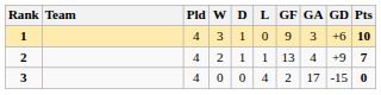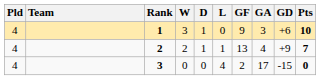 <table class="wikitable" style="text-align: center;">
 <tr>
+<th width=20>Pld</th>
+<th width=165 style="text-align:left;">Team</th>
 <th width=30>Rank</th>
-<th width=165 style="text-align:left;">Team</th>
-<th width=20>Pld</th>
 <th width=20>W</th>
 <th width=20>D</th>
 <th width=20>L</th>
 <th width=20>GF</th>
 <th width=20>GA</th>
 <th width=20>GD</th>
 <th width=20>Pts</th>
 </tr>
 <tr style="background:#ffebad;">
+<td>4</td>
+<td style="text-align:left;"></td>
 <td><strong>1</strong></td>
-<td style="text-align:left;"></td>
-<td>4</td>
 <td>3</td>
 <td>1</td>
 <td>0</td>
 <td>9</td>
 <td>3</td>
 <td>+6</td>
 <td><strong>10</strong></td>
 </tr>
 <tr>
+<td>4</td>
+<td style="text-align:left;"></td>
 <td><strong>2</strong></td>
-<td style="text-align:left;"></td>
-<td>4</td>
 <td>2</td>
 <td>1</td>
 <td>1</td>
 <td>13</td>
 <td>4</td>
 <td>+9</td>
 <td><strong>7</strong></td>
 </tr>
 <tr>
+<td>4</td>
+<td style="text-align:left;"></td>
 <td><strong>3</strong></td>
-<td style="text-align:left;"></td>
-<td>4</td>
 <td>0</td>
 <td>0</td>
 <td>4</td>
 <td>2</td>
 <td>17</td>
 <td>-15</td>
 <td><strong>0</strong></td>
 </tr>
 </table>
